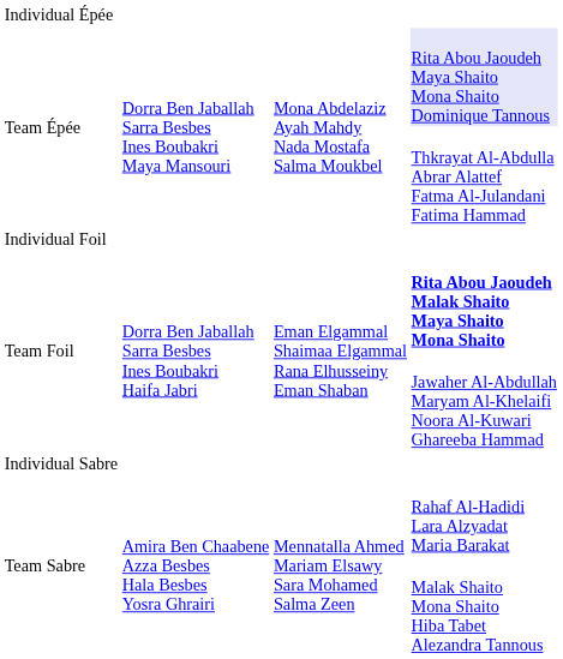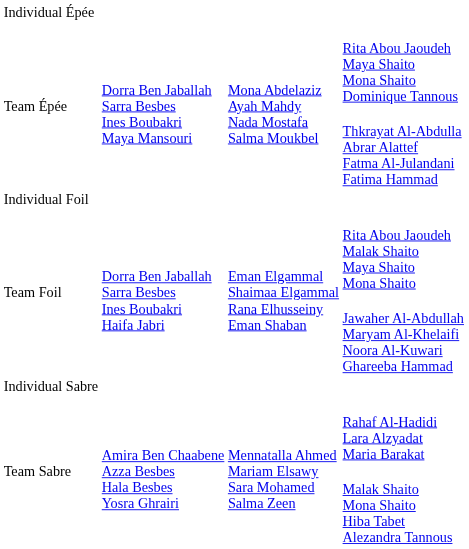 <table>
 <tr>
 <td rowspan=2>Individual Épée</td>
 <td rowspan=2></td>
 <td rowspan=2></td>
 <td></td>
 </tr>
 <tr>
 <td></td>
 </tr>
 <tr>
 <td rowspan=2>Team Épée</td>
 <td rowspan=2><br><a href='#'>Dorra Ben Jaballah</a><br><a href='#'>Sarra Besbes</a><br><a href='#'>Ines Boubakri</a><br><a href='#'>Maya Mansouri</a></td>
 <td rowspan=2><br><a href='#'>Mona Abdelaziz</a><br><a href='#'>Ayah Mahdy</a><br><a href='#'>Nada Mostafa</a><br><a href='#'>Salma Moukbel</a></td>
-<td style="background: lavender;"><br><a href='#'>Rita Abou Jaoudeh</a><br><a href='#'>Maya Shaito</a><br><a href='#'>Mona Shaito</a><br><a href='#'>Dominique Tannous</a></td>
+<td><br><a href='#'>Rita Abou Jaoudeh</a><br><a href='#'>Maya Shaito</a><br><a href='#'>Mona Shaito</a><br><a href='#'>Dominique Tannous</a></td>
 </tr>
 <tr>
 <td><br><a href='#'>Thkrayat Al-Abdulla</a><br><a href='#'>Abrar Alattef</a><br><a href='#'>Fatma Al-Julandani</a><br><a href='#'>Fatima Hammad</a></td>
 </tr>
 <tr>
 <td rowspan=2>Individual Foil</td>
 <td rowspan=2></td>
 <td rowspan=2></td>
 <td></td>
 </tr>
 <tr>
 <td></td>
 </tr>
 <tr>
 <td rowspan=2>Team Foil</td>
 <td rowspan=2><br><a href='#'>Dorra Ben Jaballah</a><br><a href='#'>Sarra Besbes</a><br><a href='#'>Ines Boubakri</a><br><a href='#'>Haifa Jabri</a></td>
 <td rowspan=2><br><a href='#'>Eman Elgammal</a><br><a href='#'>Shaimaa Elgammal</a><br><a href='#'>Rana Elhusseiny</a><br><a href='#'>Eman Shaban</a></td>
-<td><strong><br><a href='#'>Rita Abou Jaoudeh</a><br><a href='#'>Malak Shaito</a><br><a href='#'>Maya Shaito</a><br><a href='#'>Mona Shaito</a></strong></td>
+<td><br><a href='#'>Rita Abou Jaoudeh</a><br><a href='#'>Malak Shaito</a><br><a href='#'>Maya Shaito</a><br><a href='#'>Mona Shaito</a></td>
 </tr>
 <tr>
 <td><br><a href='#'>Jawaher Al-Abdullah</a><br><a href='#'>Maryam Al-Khelaifi</a><br><a href='#'>Noora Al-Kuwari</a><br><a href='#'>Ghareeba Hammad</a></td>
 </tr>
 <tr>
 <td rowspan=2>Individual Sabre</td>
 <td rowspan=2></td>
 <td rowspan=2></td>
 <td></td>
 </tr>
 <tr>
 <td></td>
 </tr>
 <tr>
 <td rowspan=2>Team Sabre</td>
 <td rowspan=2><br><a href='#'>Amira Ben Chaabene</a><br><a href='#'>Azza Besbes</a><br><a href='#'>Hala Besbes</a><br><a href='#'>Yosra Ghrairi</a></td>
 <td rowspan=2><br><a href='#'>Mennatalla Ahmed</a><br><a href='#'>Mariam Elsawy</a><br><a href='#'>Sara Mohamed</a><br><a href='#'>Salma Zeen</a></td>
 <td><br><a href='#'>Rahaf Al-Hadidi</a><br><a href='#'>Lara Alzyadat</a><br><a href='#'>Maria Barakat</a></td>
 </tr>
 <tr>
 <td><br><a href='#'>Malak Shaito</a><br><a href='#'>Mona Shaito</a><br><a href='#'>Hiba Tabet</a><br><a href='#'>Alezandra Tannous</a></td>
 </tr>
 </table>
